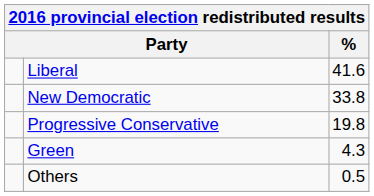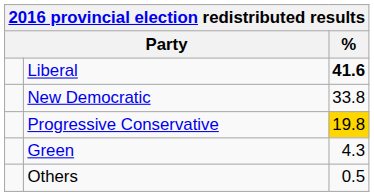 <table class="wikitable">
 <tr>
 <th colspan="4"><a href='#'>2016 provincial election</a> redistributed results</th>
 </tr>
 <tr>
 <th bgcolor="#DDDDFF" width="130px" colspan="2">Party</th>
 <th bgcolor="#DDDDFF" width="30px">%</th>
 </tr>
 <tr>
 <td> </td>
 <td><a href='#'>Liberal</a></td>
-<td align=right>41.6</td>
+<td align=right><strong>41.6</strong></td>
 </tr>
 <tr>
 <td> </td>
 <td><a href='#'>New Democratic</a></td>
 <td align=right>33.8</td>
 </tr>
 <tr>
 <td> </td>
 <td><a href='#'>Progressive Conservative</a></td>
-<td align=right>19.8</td>
+<td align=right style="background: gold;">19.8</td>
 </tr>
 <tr>
 <td> </td>
 <td><a href='#'>Green</a></td>
 <td align=right>4.3</td>
 </tr>
 <tr>
 <td> </td>
 <td>Others</td>
 <td align=right>0.5</td>
 </tr>
 </table>
